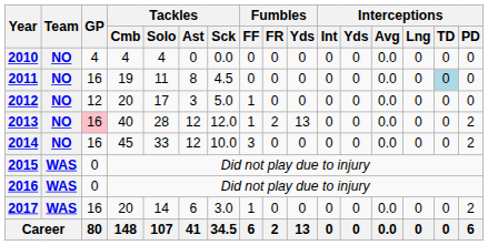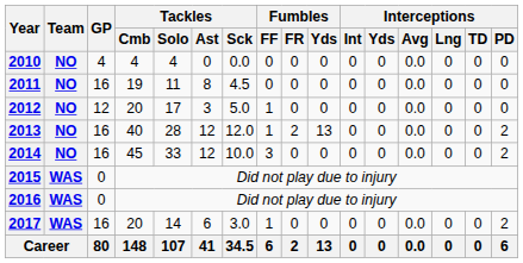 <table class="wikitable" style="text-align:center;">
 <tr>
 <th rowspan="2">Year</th>
 <th rowspan="2">Team</th>
 <th rowspan="2">GP</th>
 <th colspan="4">Tackles</th>
 <th colspan="3">Fumbles</th>
 <th colspan="6">Interceptions</th>
 </tr>
 <tr>
 <th>Cmb</th>
 <th>Solo</th>
 <th>Ast</th>
 <th>Sck</th>
 <th>FF</th>
 <th>FR</th>
 <th>Yds</th>
 <th>Int</th>
 <th>Yds</th>
 <th>Avg</th>
 <th>Lng</th>
 <th>TD</th>
 <th>PD</th>
 </tr>
 <tr>
 <th><a href='#'>2010</a></th>
 <th><a href='#'>NO</a></th>
 <td>4</td>
 <td>4</td>
 <td>4</td>
 <td>0</td>
 <td>0.0</td>
 <td>0</td>
 <td>0</td>
 <td>0</td>
 <td>0</td>
 <td>0</td>
 <td>0.0</td>
 <td>0</td>
 <td>0</td>
 <td>0</td>
 </tr>
 <tr>
 <th><a href='#'>2011</a></th>
 <th><a href='#'>NO</a></th>
 <td>16</td>
 <td>19</td>
 <td>11</td>
 <td>8</td>
 <td>4.5</td>
 <td>0</td>
 <td>0</td>
 <td>0</td>
 <td>0</td>
 <td>0</td>
 <td>0.0</td>
 <td>0</td>
-<td style="background: lightblue;">0</td>
+<td>0</td>
 <td>0</td>
 </tr>
 <tr>
 <th><a href='#'>2012</a></th>
 <th><a href='#'>NO</a></th>
 <td>12</td>
 <td>20</td>
 <td>17</td>
 <td>3</td>
 <td>5.0</td>
 <td>1</td>
 <td>0</td>
 <td>0</td>
 <td>0</td>
 <td>0</td>
 <td>0.0</td>
 <td>0</td>
 <td>0</td>
 <td>0</td>
 </tr>
 <tr>
 <th><a href='#'>2013</a></th>
 <th><a href='#'>NO</a></th>
-<td style="background: pink;">16</td>
+<td>16</td>
 <td>40</td>
 <td>28</td>
 <td>12</td>
 <td>12.0</td>
 <td>1</td>
 <td>2</td>
 <td>13</td>
 <td>0</td>
 <td>0</td>
 <td>0.0</td>
 <td>0</td>
 <td>0</td>
 <td>2</td>
 </tr>
 <tr>
 <th><a href='#'>2014</a></th>
 <th><a href='#'>NO</a></th>
 <td>16</td>
 <td>45</td>
 <td>33</td>
 <td>12</td>
 <td>10.0</td>
 <td>3</td>
 <td>0</td>
 <td>0</td>
 <td>0</td>
 <td>0</td>
 <td>0.0</td>
 <td>0</td>
 <td>0</td>
 <td>2</td>
 </tr>
 <tr>
 <th><a href='#'>2015</a></th>
 <th><a href='#'>WAS</a></th>
 <td>0</td>
 <td colspan="13"><em>Did not play due to injury</em></td>
 </tr>
 <tr>
 <th><a href='#'>2016</a></th>
 <th><a href='#'>WAS</a></th>
 <td>0</td>
 <td colspan="13"><em>Did not play due to injury</em></td>
 </tr>
 <tr>
 <th><a href='#'>2017</a></th>
 <th><a href='#'>WAS</a></th>
 <td>16</td>
 <td>20</td>
 <td>14</td>
 <td>6</td>
 <td>3.0</td>
 <td>1</td>
 <td>0</td>
 <td>0</td>
 <td>0</td>
 <td>0</td>
 <td>0.0</td>
 <td>0</td>
 <td>0</td>
 <td>2</td>
 </tr>
 <tr>
 <th colspan="2">Career</th>
 <th>80</th>
 <th>148</th>
 <th>107</th>
 <th>41</th>
 <th>34.5</th>
 <th>6</th>
 <th>2</th>
 <th>13</th>
 <th>0</th>
 <th>0</th>
 <th>0.0</th>
 <th>0</th>
 <th>0</th>
 <th>6</th>
 </tr>
 </table>
